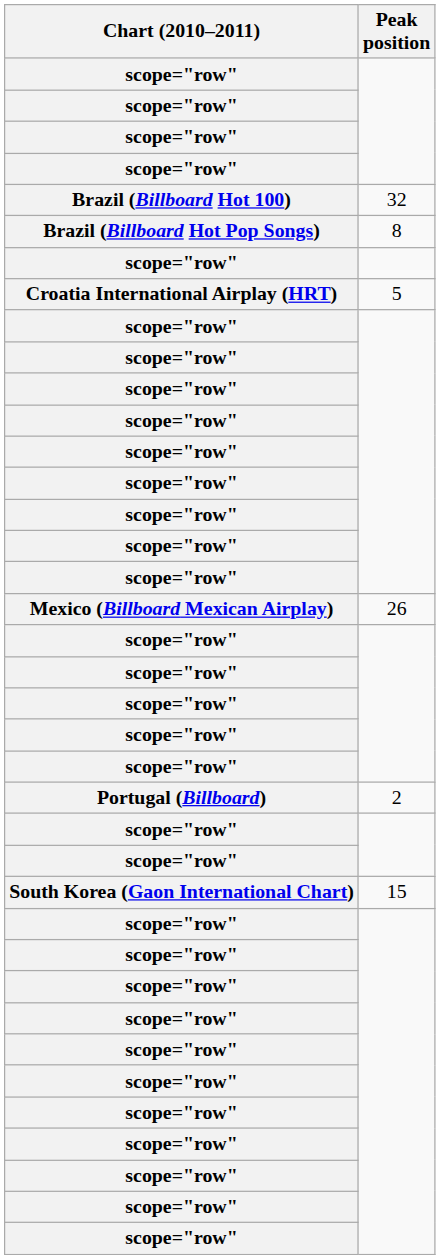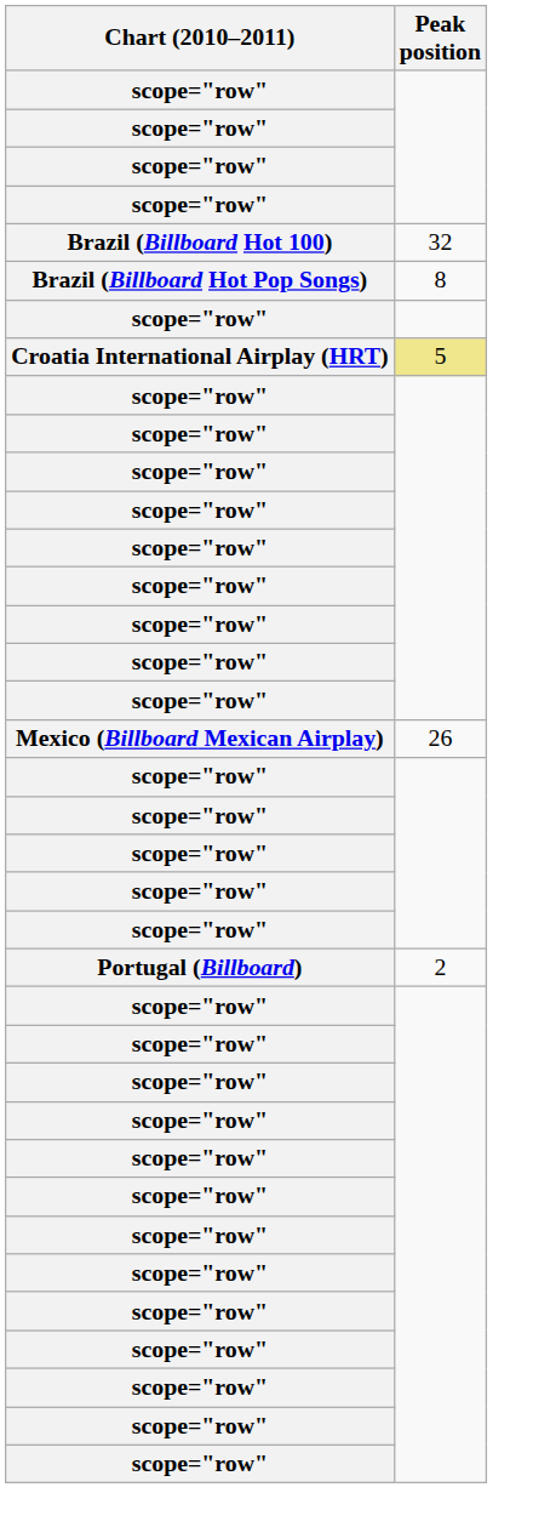 <table class="wikitable sortable plainrowheaders" style="text-align:center;">
 <tr>
 <th scope="col">Chart (2010–2011)</th>
 <th scope="col">Peak<br>position</th>
 </tr>
 <tr>
 <th>scope="row" </th>
 </tr>
 <tr>
 <th>scope="row" </th>
 </tr>
 <tr>
 <th>scope="row" </th>
 </tr>
 <tr>
 <th>scope="row" </th>
 </tr>
 <tr>
 <th scope="row">Brazil (<em><a href='#'>Billboard</a></em> <a href='#'>Hot 100</a>)</th>
 <td>32</td>
 </tr>
 <tr>
 <th scope="row">Brazil (<em><a href='#'>Billboard</a></em> <a href='#'>Hot Pop Songs</a>)</th>
 <td>8</td>
 </tr>
 <tr>
 <th>scope="row" </th>
 </tr>
 <tr>
 <th scope="row">Croatia International Airplay (<a href='#'>HRT</a>)</th>
-<td>5</td>
+<td style="background: khaki;">5</td>
 </tr>
 <tr>
 <th>scope="row" </th>
 </tr>
 <tr>
 <th>scope="row" </th>
 </tr>
 <tr>
 <th>scope="row" </th>
 </tr>
 <tr>
 <th>scope="row" </th>
 </tr>
 <tr>
 <th>scope="row" </th>
 </tr>
 <tr>
 <th>scope="row" </th>
 </tr>
 <tr>
 <th>scope="row" </th>
 </tr>
 <tr>
 <th>scope="row" </th>
 </tr>
 <tr>
 <th>scope="row" </th>
 </tr>
 <tr>
 <th scope="row">Mexico (<a href='#'><em>Billboard</em> Mexican Airplay</a>)</th>
 <td>26</td>
 </tr>
 <tr>
 <th>scope="row" </th>
 </tr>
 <tr>
 <th>scope="row" </th>
 </tr>
 <tr>
 <th>scope="row" </th>
 </tr>
 <tr>
 <th>scope="row" </th>
 </tr>
 <tr>
 <th>scope="row" </th>
 </tr>
 <tr>
 <th scope="row">Portugal (<em><a href='#'>Billboard</a></em>)</th>
 <td>2</td>
 </tr>
 <tr>
 <th>scope="row" </th>
 </tr>
 <tr>
 <th>scope="row" </th>
 </tr>
 <tr>
-<th scope="row">South Korea (<a href='#'>Gaon International Chart</a>)</th>
-<td>15</td>
-</tr>
-<tr>
 <th>scope="row" </th>
 </tr>
 <tr>
 <th>scope="row" </th>
 </tr>
 <tr>
 <th>scope="row" </th>
 </tr>
 <tr>
 <th>scope="row" </th>
 </tr>
 <tr>
 <th>scope="row" </th>
 </tr>
 <tr>
 <th>scope="row" </th>
 </tr>
 <tr>
 <th>scope="row" </th>
 </tr>
 <tr>
 <th>scope="row" </th>
 </tr>
 <tr>
 <th>scope="row" </th>
 </tr>
 <tr>
 <th>scope="row" </th>
 </tr>
 <tr>
 <th>scope="row" </th>
 </tr>
 </table>
